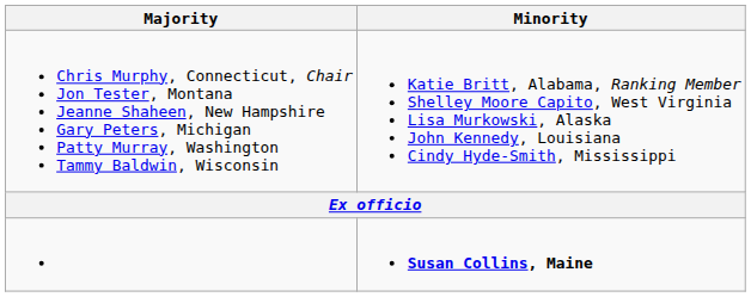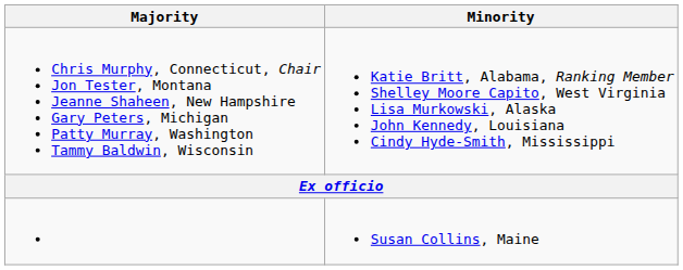 <table class=wikitable>
 <tr>
 <th>Majority</th>
 <th>Minority</th>
 </tr>
 <tr>
 <td><br><ul><li><a href='#'>Chris Murphy</a>, Connecticut, <em>Chair</em></li><li><a href='#'>Jon Tester</a>, Montana</li><li><a href='#'>Jeanne Shaheen</a>, New Hampshire</li><li><a href='#'>Gary Peters</a>, Michigan</li><li><a href='#'>Patty Murray</a>, Washington</li><li><a href='#'>Tammy Baldwin</a>, Wisconsin</li></ul></td>
 <td><br><ul><li><a href='#'>Katie Britt</a>, Alabama, <em>Ranking Member</em></li><li><a href='#'>Shelley Moore Capito</a>, West Virginia</li><li><a href='#'>Lisa Murkowski</a>, Alaska</li><li><a href='#'>John Kennedy</a>, Louisiana</li><li><a href='#'>Cindy Hyde-Smith</a>, Mississippi</li></ul></td>
 </tr>
 <tr>
 <th colspan=2 align=center><em><a href='#'>Ex officio</a></em></th>
 </tr>
 <tr>
 <td><br><ul><li></li></ul></td>
-<td><strong><br><ul><li><a href='#'>Susan Collins</a>, Maine</li></ul></strong></td>
+<td><br><ul><li><a href='#'>Susan Collins</a>, Maine</li></ul></td>
 </tr>
 </table>
